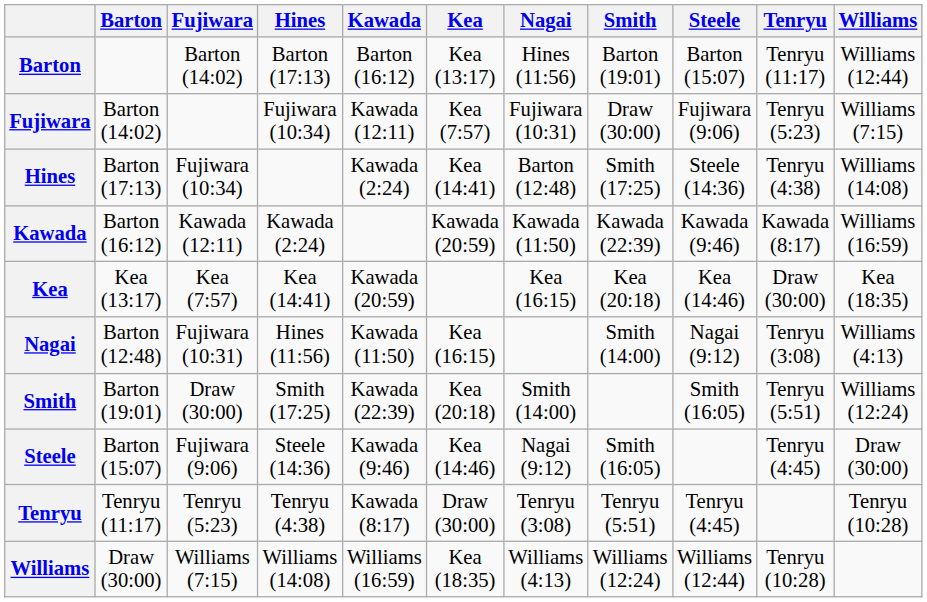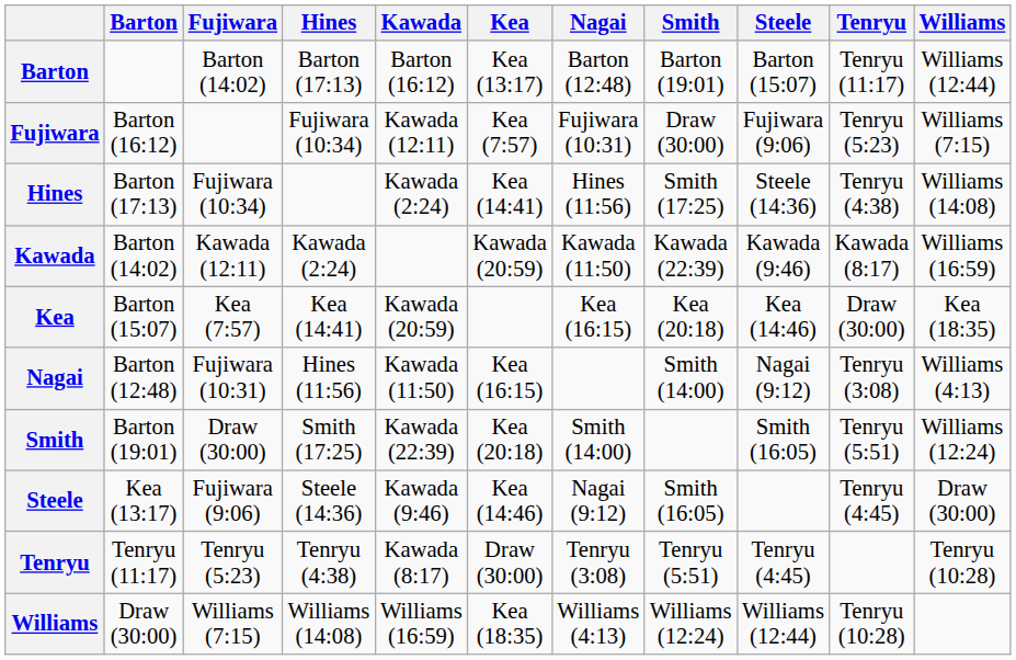 <table class="wikitable" style="margin: 1em auto 1em auto; text-align:center;">
 <tr>
 <th></th>
 <th><a href='#'>Barton</a></th>
 <th><a href='#'>Fujiwara</a></th>
 <th><a href='#'>Hines</a></th>
 <th><a href='#'>Kawada</a></th>
 <th><a href='#'>Kea</a></th>
 <th><a href='#'>Nagai</a></th>
 <th><a href='#'>Smith</a></th>
 <th><a href='#'>Steele</a></th>
 <th><a href='#'>Tenryu</a></th>
 <th><a href='#'>Williams</a></th>
 </tr>
 <tr>
 <th><a href='#'>Barton</a></th>
 <td></td>
 <td>Barton<br>(14:02)</td>
 <td>Barton<br>(17:13)</td>
 <td>Barton<br>(16:12)</td>
 <td>Kea<br>(13:17)</td>
-<td>Hines<br>(11:56)</td>
+<td>Barton<br>(12:48)</td>
 <td>Barton<br>(19:01)</td>
 <td>Barton<br>(15:07)</td>
 <td>Tenryu<br>(11:17)</td>
 <td>Williams<br>(12:44)</td>
 </tr>
 <tr>
 <th><a href='#'>Fujiwara</a></th>
-<td>Barton<br>(14:02)</td>
+<td>Barton<br>(16:12)</td>
 <td></td>
 <td>Fujiwara<br>(10:34)</td>
 <td>Kawada<br>(12:11)</td>
 <td>Kea<br>(7:57)</td>
 <td>Fujiwara<br>(10:31)</td>
 <td>Draw<br>(30:00)</td>
 <td>Fujiwara<br>(9:06)</td>
 <td>Tenryu<br>(5:23)</td>
 <td>Williams<br>(7:15)</td>
 </tr>
 <tr>
 <th><a href='#'>Hines</a></th>
 <td>Barton<br>(17:13)</td>
 <td>Fujiwara<br>(10:34)</td>
 <td></td>
 <td>Kawada<br>(2:24)</td>
 <td>Kea<br>(14:41)</td>
-<td>Barton<br>(12:48)</td>
+<td>Hines<br>(11:56)</td>
 <td>Smith<br>(17:25)</td>
 <td>Steele<br>(14:36)</td>
 <td>Tenryu<br>(4:38)</td>
 <td>Williams<br>(14:08)</td>
 </tr>
 <tr>
 <th><a href='#'>Kawada</a></th>
-<td>Barton<br>(16:12)</td>
+<td>Barton<br>(14:02)</td>
 <td>Kawada<br>(12:11)</td>
 <td>Kawada<br>(2:24)</td>
 <td></td>
 <td>Kawada<br>(20:59)</td>
 <td>Kawada<br>(11:50)</td>
 <td>Kawada<br>(22:39)</td>
 <td>Kawada<br>(9:46)</td>
 <td>Kawada<br>(8:17)</td>
 <td>Williams<br>(16:59)</td>
 </tr>
 <tr>
 <th><a href='#'>Kea</a></th>
-<td>Kea<br>(13:17)</td>
+<td>Barton<br>(15:07)</td>
 <td>Kea<br>(7:57)</td>
 <td>Kea<br>(14:41)</td>
 <td>Kawada<br>(20:59)</td>
 <td></td>
 <td>Kea<br>(16:15)</td>
 <td>Kea<br>(20:18)</td>
 <td>Kea<br>(14:46)</td>
 <td>Draw<br>(30:00)</td>
 <td>Kea<br>(18:35)</td>
 </tr>
 <tr>
 <th><a href='#'>Nagai</a></th>
 <td>Barton<br>(12:48)</td>
 <td>Fujiwara<br>(10:31)</td>
 <td>Hines<br>(11:56)</td>
 <td>Kawada<br>(11:50)</td>
 <td>Kea<br>(16:15)</td>
 <td></td>
 <td>Smith<br>(14:00)</td>
 <td>Nagai<br>(9:12)</td>
 <td>Tenryu<br>(3:08)</td>
 <td>Williams<br>(4:13)</td>
 </tr>
 <tr>
 <th><a href='#'>Smith</a></th>
 <td>Barton<br>(19:01)</td>
 <td>Draw<br>(30:00)</td>
 <td>Smith<br>(17:25)</td>
 <td>Kawada<br>(22:39)</td>
 <td>Kea<br>(20:18)</td>
 <td>Smith<br>(14:00)</td>
 <td></td>
 <td>Smith<br>(16:05)</td>
 <td>Tenryu<br>(5:51)</td>
 <td>Williams<br>(12:24)</td>
 </tr>
 <tr>
 <th><a href='#'>Steele</a></th>
-<td>Barton<br>(15:07)</td>
+<td>Kea<br>(13:17)</td>
 <td>Fujiwara<br>(9:06)</td>
 <td>Steele<br>(14:36)</td>
 <td>Kawada<br>(9:46)</td>
 <td>Kea<br>(14:46)</td>
 <td>Nagai<br>(9:12)</td>
 <td>Smith<br>(16:05)</td>
 <td></td>
 <td>Tenryu<br>(4:45)</td>
 <td>Draw<br>(30:00)</td>
 </tr>
 <tr>
 <th><a href='#'>Tenryu</a></th>
 <td>Tenryu<br>(11:17)</td>
 <td>Tenryu<br>(5:23)</td>
 <td>Tenryu<br>(4:38)</td>
 <td>Kawada<br>(8:17)</td>
 <td>Draw<br>(30:00)</td>
 <td>Tenryu<br>(3:08)</td>
 <td>Tenryu<br>(5:51)</td>
 <td>Tenryu<br>(4:45)</td>
 <td></td>
 <td>Tenryu<br>(10:28)</td>
 </tr>
 <tr>
 <th><a href='#'>Williams</a></th>
 <td>Draw<br>(30:00)</td>
 <td>Williams<br>(7:15)</td>
 <td>Williams<br>(14:08)</td>
 <td>Williams<br>(16:59)</td>
 <td>Kea<br>(18:35)</td>
 <td>Williams<br>(4:13)</td>
 <td>Williams<br>(12:24)</td>
 <td>Williams<br>(12:44)</td>
 <td>Tenryu<br>(10:28)</td>
 <td></td>
 </tr>
 </table>
